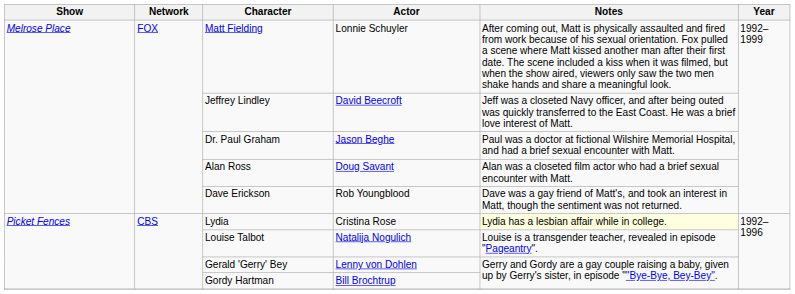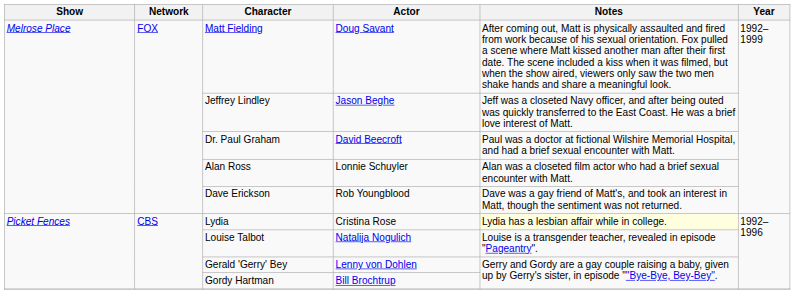 <table class="sortable wikitable" style="margins:auto; width=100%;">
 <tr>
 <th style="width:200px;">Show</th>
 <th style="width:100px;">Network</th>
 <th style="width:200px;">Character</th>
 <th style="width:225px;">Actor</th>
 <th>Notes</th>
 <th style="width:75px;">Year</th>
 </tr>
 <tr valign="top">
 <td rowspan="5"><em><a href='#'>Melrose Place</a></em></td>
 <td rowspan="5"><a href='#'>FOX</a></td>
 <td><a href='#'>Matt Fielding</a></td>
-<td>Lonnie Schuyler</td>
+<td><a href='#'>Doug Savant</a></td>
 <td>After coming out, Matt is physically assaulted and fired from work because of his sexual orientation. Fox pulled a scene where Matt kissed another man after their first date. The scene included a kiss when it was filmed, but when the show aired, viewers only saw the two men shake hands and share a meaningful look.</td>
 <td rowspan="5">1992–1999</td>
 </tr>
 <tr valign="top">
 <td>Jeffrey Lindley</td>
-<td><a href='#'>David Beecroft</a></td>
+<td><a href='#'>Jason Beghe</a></td>
 <td>Jeff was a closeted Navy officer, and after being outed was quickly transferred to the East Coast. He was a brief love interest of Matt.</td>
 </tr>
 <tr valign="top">
 <td>Dr. Paul Graham</td>
-<td><a href='#'>Jason Beghe</a></td>
+<td><a href='#'>David Beecroft</a></td>
 <td>Paul was a doctor at fictional Wilshire Memorial Hospital, and had a brief sexual encounter with Matt.</td>
 </tr>
 <tr valign="top">
 <td>Alan Ross</td>
-<td><a href='#'>Doug Savant</a></td>
+<td>Lonnie Schuyler</td>
 <td>Alan was a closeted film actor who had a brief sexual encounter with Matt.</td>
 </tr>
 <tr valign="top">
 <td>Dave Erickson</td>
 <td>Rob Youngblood</td>
 <td>Dave was a gay friend of Matt's, and took an interest in Matt, though the sentiment was not returned.</td>
 </tr>
 <tr valign="top">
 <td rowspan="4"><em><a href='#'>Picket Fences</a></em></td>
 <td rowspan="4"><a href='#'>CBS</a></td>
 <td>Lydia</td>
 <td>Cristina Rose</td>
 <td style="background: lightyellow;">Lydia has a lesbian affair while in college.</td>
 <td rowspan="4">1992–1996</td>
 </tr>
 <tr valign="top">
 <td>Louise Talbot</td>
 <td><a href='#'>Natalija Nogulich</a></td>
 <td>Louise is a transgender teacher, revealed in episode "<a href='#'>Pageantry</a>".</td>
 </tr>
 <tr valign="top">
 <td>Gerald 'Gerry' Bey</td>
 <td><a href='#'>Lenny von Dohlen</a></td>
 <td rowspan="2">Gerry and Gordy are a gay couple raising a baby, given up by Gerry's sister, in episode "<a href='#'>"Bye-Bye, Bey-Bey"</a>.</td>
 </tr>
 <tr valign="top">
 <td>Gordy Hartman</td>
 <td><a href='#'>Bill Brochtrup</a></td>
 </tr>
 <tr valign="top">
 </tr>
 </table>
